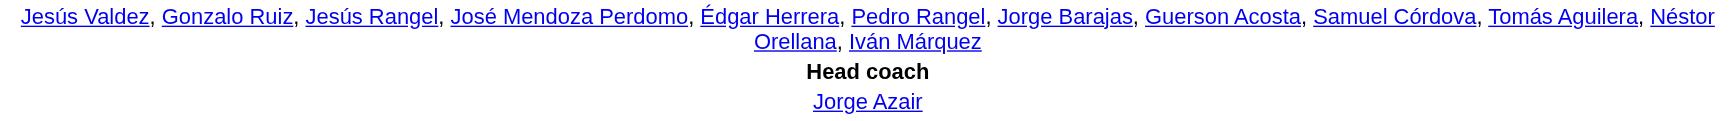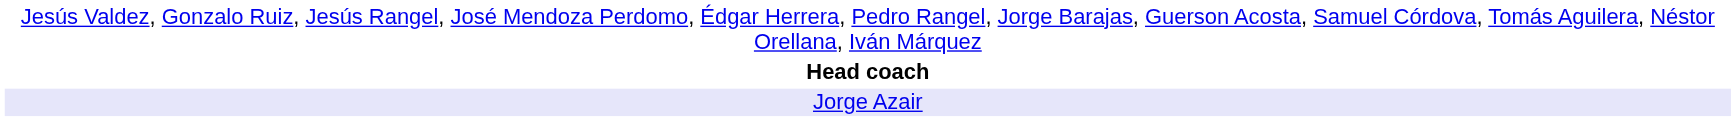 <table style="text-align: center; margin-top: 2em; margin-left: auto; margin-right: auto">
 <tr>
 <td><a href='#'>Jesús Valdez</a>, <a href='#'>Gonzalo Ruiz</a>, <a href='#'>Jesús Rangel</a>, <a href='#'>José Mendoza Perdomo</a>, <a href='#'>Édgar Herrera</a>, <a href='#'>Pedro Rangel</a>, <a href='#'>Jorge Barajas</a>, <a href='#'>Guerson Acosta</a>, <a href='#'>Samuel Córdova</a>, <a href='#'>Tomás Aguilera</a>, <a href='#'>Néstor Orellana</a>, <a href='#'>Iván Márquez</a></td>
 </tr>
 <tr>
 <td><strong>Head coach</strong></td>
 </tr>
 <tr>
-<td><a href='#'>Jorge Azair</a></td>
+<td style="background: lavender;"><a href='#'>Jorge Azair</a></td>
 </tr>
 </table>
